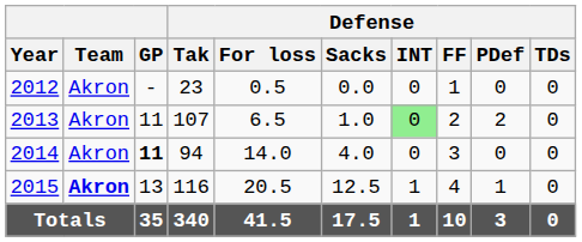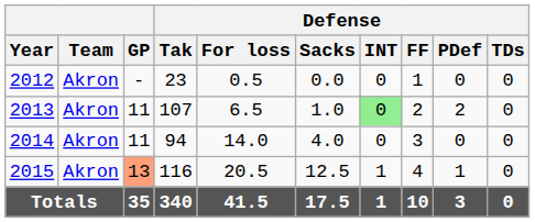 <table class="wikitable" style="text-align:center;">
 <tr>
 <th colspan=3></th>
 <th colspan=7>Defense</th>
 </tr>
 <tr>
 <th>Year</th>
 <th>Team</th>
 <th>GP</th>
 <th>Tak</th>
 <th>For loss</th>
 <th>Sacks</th>
 <th>INT</th>
 <th>FF</th>
 <th>PDef</th>
 <th>TDs</th>
 </tr>
 <tr>
 <td><a href='#'>2012</a></td>
 <td><a href='#'>Akron</a></td>
 <td>-</td>
 <td>23</td>
 <td>0.5</td>
 <td>0.0</td>
 <td>0</td>
 <td>1</td>
 <td>0</td>
 <td>0</td>
 </tr>
 <tr>
 <td><a href='#'>2013</a></td>
 <td><a href='#'>Akron</a></td>
 <td>11</td>
 <td>107</td>
 <td>6.5</td>
 <td>1.0</td>
 <td style="background: lightgreen;">0</td>
 <td>2</td>
 <td>2</td>
 <td>0</td>
 </tr>
 <tr>
 <td><a href='#'>2014</a></td>
 <td><a href='#'>Akron</a></td>
-<td><strong>11</strong></td>
+<td>11</td>
 <td>94</td>
 <td>14.0</td>
 <td>4.0</td>
 <td>0</td>
 <td>3</td>
 <td>0</td>
 <td>0</td>
 </tr>
 <tr>
 <td><a href='#'>2015</a></td>
-<td><strong><a href='#'>Akron</a></strong></td>
-<td>13</td>
+<td><a href='#'>Akron</a></td>
+<td style="background: lightsalmon;">13</td>
 <td>116</td>
 <td>20.5</td>
 <td>12.5</td>
 <td>1</td>
 <td>4</td>
 <td>1</td>
 <td>0</td>
 </tr>
 <tr style="background:#555; font-weight:bold; color:white;">
 <td colspan=2>Totals</td>
 <td>35</td>
 <td>340</td>
 <td>41.5</td>
 <td>17.5</td>
 <td>1</td>
 <td>10</td>
 <td>3</td>
 <td>0</td>
 </tr>
 </table>
